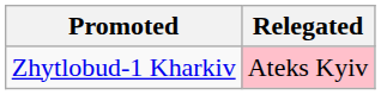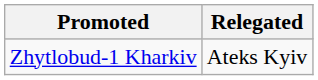 <table class="wikitable">
 <tr>
 <th>Promoted</th>
 <th>Relegated</th>
 </tr>
 <tr>
 <td><a href='#'>Zhytlobud-1 Kharkiv</a> </td>
-<td style="background: pink;">Ateks Kyiv</td>
+<td>Ateks Kyiv</td>
 </tr>
 </table>
